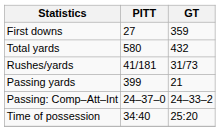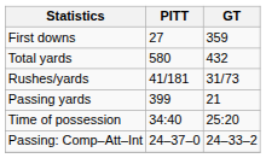 <table class="wikitable" style="float: left;">
 <tr>
 <th>Statistics</th>
 <th>PITT</th>
 <th>GT</th>
 </tr>
 <tr>
 <td>First downs</td>
 <td>27</td>
 <td>359</td>
 </tr>
 <tr>
 <td>Total yards</td>
 <td>580</td>
 <td>432</td>
 </tr>
 <tr>
 <td>Rushes/yards</td>
 <td>41/181</td>
 <td>31/73</td>
 </tr>
 <tr>
 <td>Passing yards</td>
 <td>399</td>
 <td>21</td>
 </tr>
 <tr>
+<td>Time of possession</td>
+<td>34:40</td>
+<td>25:20</td>
+</tr>
+<tr>
 <td>Passing: Comp–Att–Int</td>
 <td>24–37–0</td>
 <td>24–33–2</td>
 </tr>
 <tr>
-<td>Time of possession</td>
-<td>34:40</td>
-<td>25:20</td>
-</tr>
-<tr>
 </tr>
 </table>
